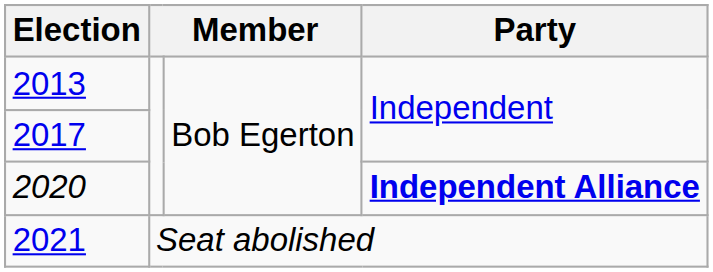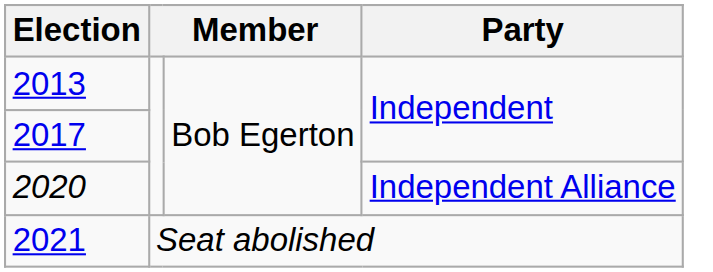 <table class="wikitable">
 <tr>
 <th>Election</th>
 <th colspan="2">Member</th>
 <th>Party</th>
 </tr>
 <tr>
 <td><a href='#'>2013</a></td>
 <td rowspan="3" style="background-color: "></td>
 <td rowspan="3">Bob Egerton</td>
 <td rowspan="2"><a href='#'>Independent</a></td>
 </tr>
 <tr>
 <td><a href='#'>2017</a></td>
 </tr>
 <tr>
 <td><em>2020</em></td>
-<td rowspan="1"><strong><a href='#'>Independent Alliance</a></strong></td>
+<td rowspan="1"><a href='#'>Independent Alliance</a></td>
 </tr>
 <tr>
 <td><a href='#'>2021</a></td>
 <td colspan="3"><em>Seat abolished</em></td>
 </tr>
 </table>
